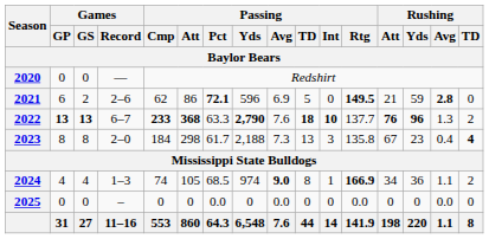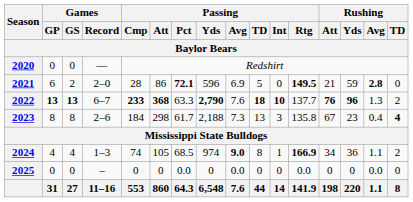 <table class="wikitable" style="text-align:center;">
 <tr>
 <th rowspan="2">Season</th>
 <th colspan="3">Games</th>
 <th colspan="8">Passing</th>
 <th colspan="5">Rushing</th>
 </tr>
 <tr>
 <th>GP</th>
 <th>GS</th>
 <th>Record</th>
 <th>Cmp</th>
 <th>Att</th>
 <th>Pct</th>
 <th>Yds</th>
 <th>Avg</th>
 <th>TD</th>
 <th>Int</th>
 <th>Rtg</th>
 <th>Att</th>
 <th>Yds</th>
 <th>Avg</th>
 <th>TD</th>
 </tr>
 <tr>
 <th colspan="16">Baylor Bears</th>
 </tr>
 <tr>
 <th><a href='#'>2020</a></th>
 <td>0</td>
 <td>0</td>
 <td>—</td>
 <td colspan="12"><em>Redshirt </em></td>
 </tr>
 <tr>
 <th><a href='#'>2021</a></th>
 <td>6</td>
 <td>2</td>
-<td>2–6</td>
-<td>62</td>
+<td>2–0</td>
+<td>28</td>
 <td>86</td>
 <td><strong>72.1</strong></td>
 <td>596</td>
 <td>6.9</td>
 <td>5</td>
 <td>0</td>
 <td><strong>149.5</strong></td>
 <td>21</td>
 <td>59</td>
 <td><strong>2.8</strong></td>
 <td>0</td>
 </tr>
 <tr>
 <th><a href='#'>2022</a></th>
 <td><strong>13</strong></td>
 <td><strong>13</strong></td>
 <td>6–7</td>
 <td><strong>233</strong></td>
 <td><strong>368</strong></td>
 <td>63.3</td>
 <td><strong>2,790</strong></td>
 <td>7.6</td>
 <td><strong>18</strong></td>
 <td><strong>10</strong></td>
 <td>137.7</td>
 <td><strong>76</strong></td>
 <td><strong>96</strong></td>
 <td>1.3</td>
 <td>2</td>
 </tr>
 <tr>
 <th><a href='#'>2023</a></th>
 <td>8</td>
 <td>8</td>
-<td>2–0</td>
+<td>2–6</td>
 <td>184</td>
 <td>298</td>
 <td>61.7</td>
 <td>2,188</td>
 <td>7.3</td>
 <td>13</td>
 <td>3</td>
 <td>135.8</td>
 <td>67</td>
 <td>23</td>
 <td>0.4</td>
 <td><strong>4</strong></td>
 </tr>
 <tr>
 <th colspan="16">Mississippi State Bulldogs</th>
 </tr>
 <tr>
 <th><a href='#'>2024</a></th>
 <td>4</td>
 <td>4</td>
 <td>1–3</td>
 <td>74</td>
 <td>105</td>
 <td>68.5</td>
 <td>974</td>
 <td><strong>9.0</strong></td>
 <td>8</td>
 <td>1</td>
 <td><strong>166.9</strong></td>
 <td>34</td>
 <td>36</td>
 <td>1.1</td>
 <td>2</td>
 </tr>
 <tr>
 <th><a href='#'>2025</a></th>
 <td>0</td>
 <td>0</td>
 <td>–</td>
 <td>0</td>
 <td>0</td>
 <td>0.0</td>
 <td>0</td>
 <td>0.0</td>
 <td>0</td>
 <td>0</td>
 <td>0.0</td>
 <td>0</td>
 <td>0</td>
 <td>0.0</td>
 <td>0</td>
 </tr>
 <tr>
 <th></th>
 <th>31</th>
 <th>27</th>
 <th>11–16</th>
 <th>553</th>
 <th>860</th>
 <th>64.3</th>
 <th>6,548</th>
 <th>7.6</th>
 <th>44</th>
 <th>14</th>
 <th>141.9</th>
 <th>198</th>
 <th>220</th>
 <th>1.1</th>
 <th>8</th>
 </tr>
 </table>
